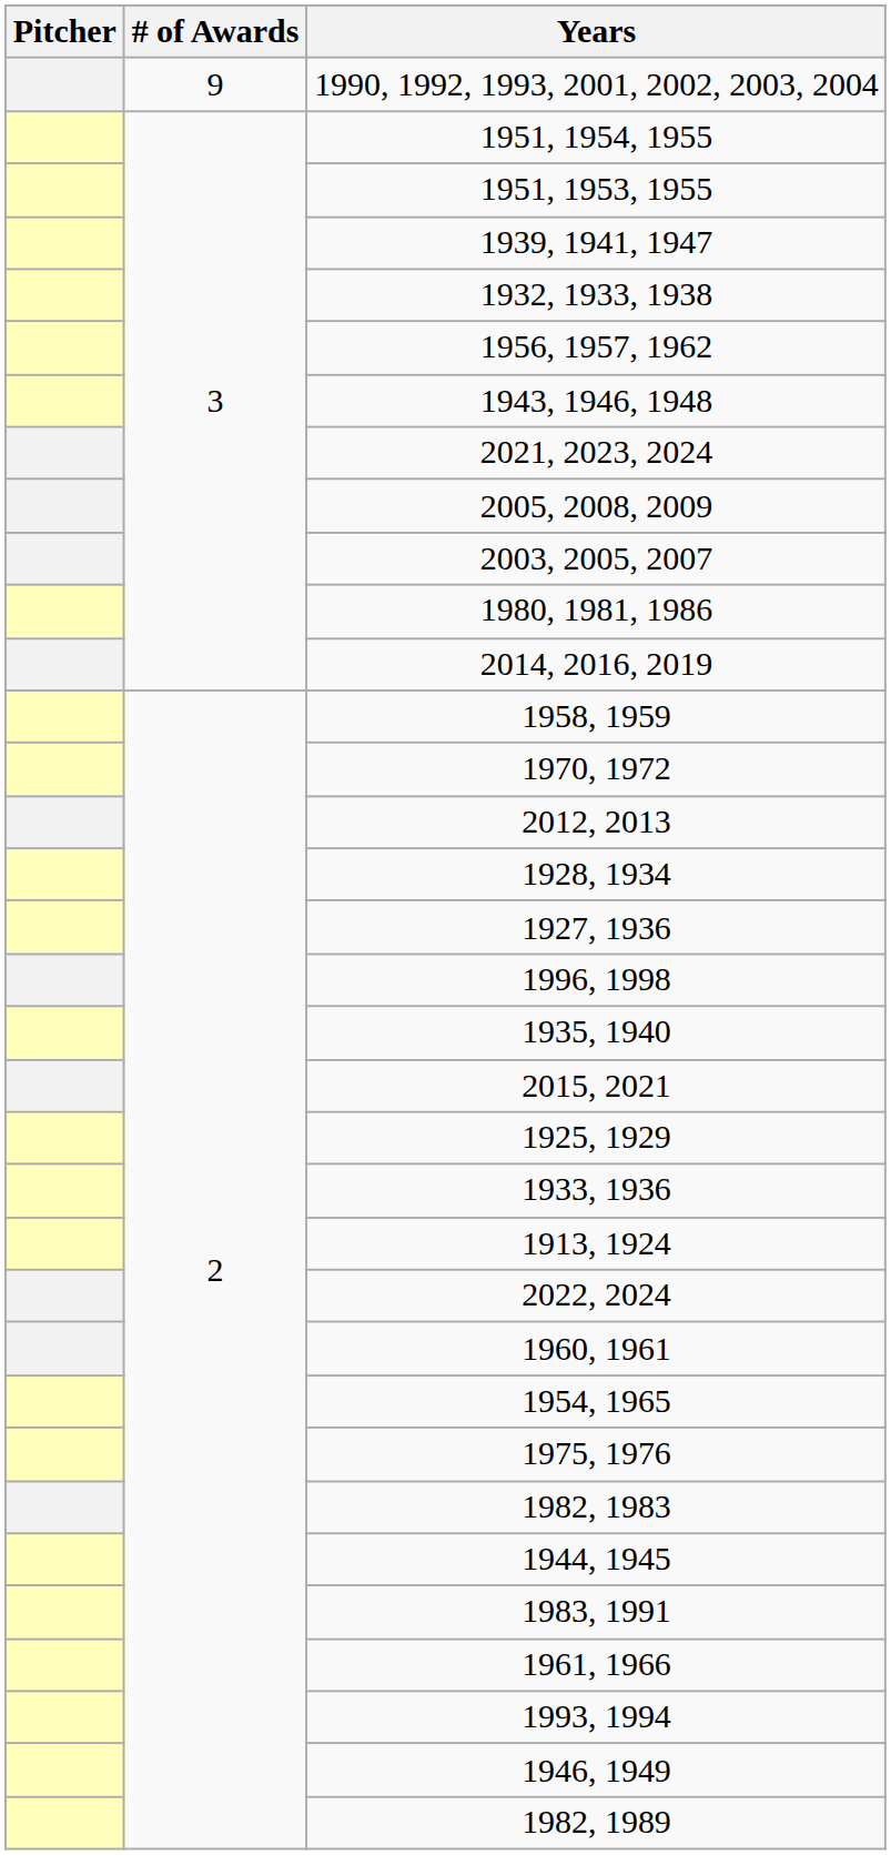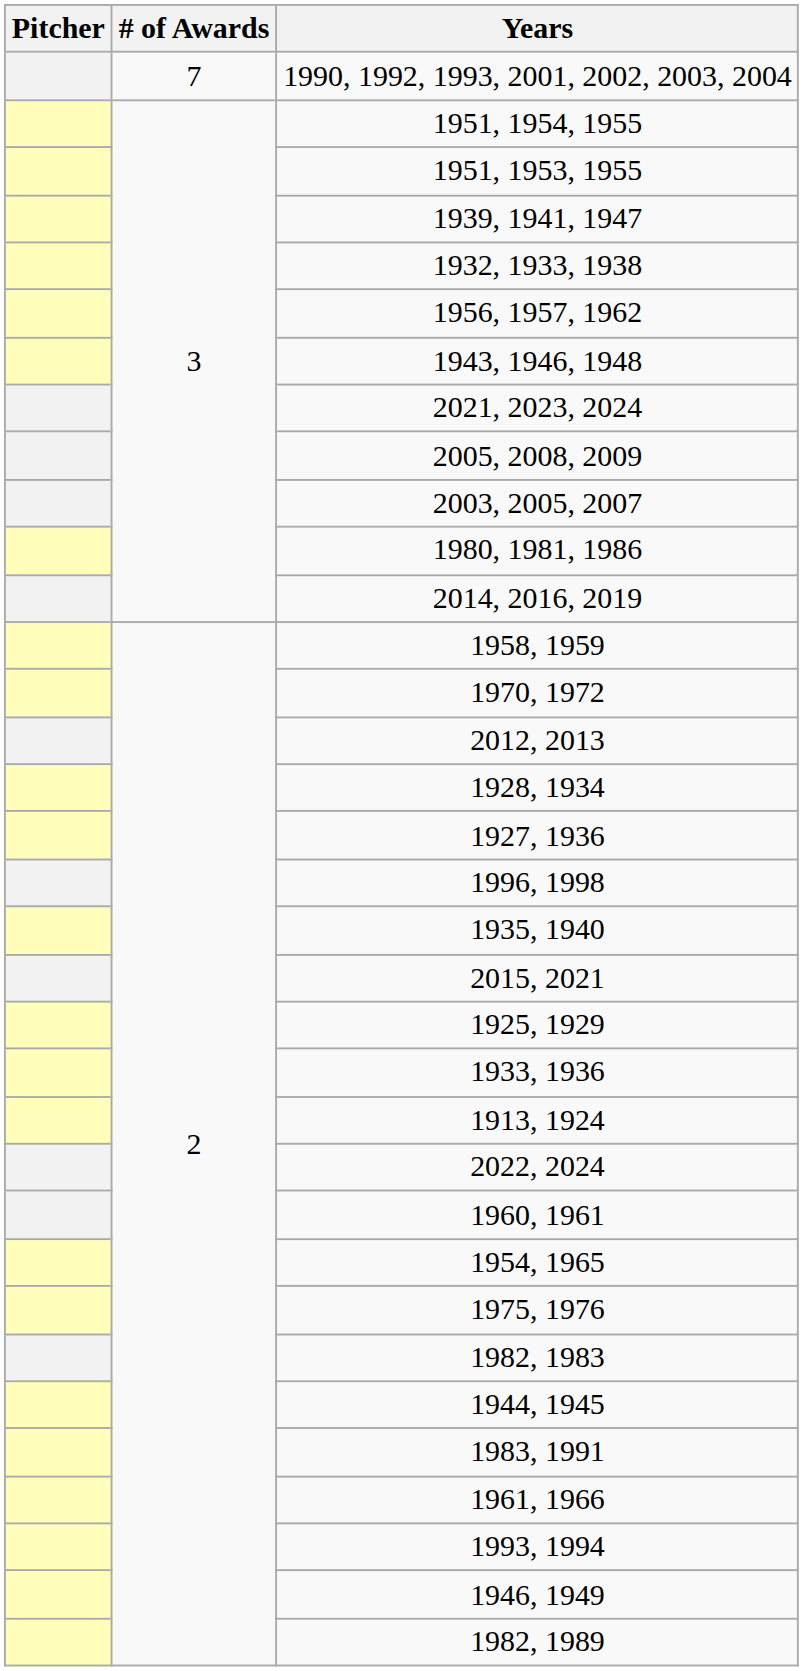 <table class="wikitable sortable plainrowheaders" style="text-align:center">
 <tr>
 <th>Pitcher</th>
 <th># of Awards</th>
 <th>Years</th>
 </tr>
 <tr>
 <th scope="row" style="text-align:center"></th>
-<td>9</td>
+<td>7</td>
 <td>1990, 1992, 1993, 2001, 2002, 2003, 2004</td>
 </tr>
 <tr>
 <th scope="row" style="text-align:center; background:#ffb;"> </th>
 <td rowspan=11 style="text-align:center;">3</td>
 <td>1951, 1954, 1955</td>
 </tr>
 <tr>
 <th scope="row" style="text-align:center; background:#ffb;"> </th>
 <td>1951, 1953, 1955</td>
 </tr>
 <tr>
 <th scope="row" style="text-align:center; background:#ffb;"> </th>
 <td>1939, 1941, 1947</td>
 </tr>
 <tr>
 <th scope="row" style="text-align:center; background:#ffb;"> </th>
 <td>1932, 1933, 1938</td>
 </tr>
 <tr>
 <th scope="row" style="text-align:center; background:#ffb;"> </th>
 <td>1956, 1957, 1962</td>
 </tr>
 <tr>
 <th scope="row" style="text-align:center; background:#ffb;"> </th>
 <td>1943, 1946, 1948</td>
 </tr>
 <tr>
 <th scope="row" style="text-align:center"></th>
 <td>2021, 2023, 2024</td>
 </tr>
 <tr>
 <th scope="row" style="text-align:center"></th>
 <td>2005, 2008, 2009</td>
 </tr>
 <tr>
 <th scope="row" style="text-align:center"></th>
 <td>2003, 2005, 2007</td>
 </tr>
 <tr>
 <th scope="row" style="text-align:center; background:#ffb;"> </th>
 <td>1980, 1981, 1986</td>
 </tr>
 <tr>
 <th scope="row" style="text-align:center"></th>
 <td>2014, 2016, 2019</td>
 </tr>
 <tr>
 <th scope="row" style="text-align:center; background:#ffb;"> </th>
 <td rowspan=22 style="text-align:center;">2</td>
 <td>1958, 1959</td>
 </tr>
 <tr>
 <th scope="row" style="text-align:center; background:#ffb;"> </th>
 <td>1970, 1972</td>
 </tr>
 <tr>
 <th scope="row" style="text-align:center"></th>
 <td>2012, 2013</td>
 </tr>
 <tr>
 <th scope="row" style="text-align:center; background:#ffb;"> </th>
 <td>1928, 1934</td>
 </tr>
 <tr>
 <th scope="row" style="text-align:center; background:#ffb;"> </th>
 <td>1927, 1936</td>
 </tr>
 <tr>
 <th scope="row" style="text-align:center"></th>
 <td>1996, 1998</td>
 </tr>
 <tr>
 <th scope="row" style="text-align:center; background:#ffb;"> </th>
 <td>1935, 1940</td>
 </tr>
 <tr>
 <th scope="row" style="text-align:center"></th>
 <td>2015, 2021</td>
 </tr>
 <tr>
 <th scope="row" style="text-align:center; background:#ffb;"> </th>
 <td>1925, 1929</td>
 </tr>
 <tr>
 <th scope="row" style="text-align:center; background:#ffb;"> </th>
 <td>1933, 1936</td>
 </tr>
 <tr>
 <th scope="row" style="text-align:center; background:#ffb;"> </th>
 <td>1913, 1924</td>
 </tr>
 <tr>
 <th scope="row" style="text-align:center"></th>
 <td>2022, 2024</td>
 </tr>
 <tr>
 <th scope="row" style="text-align:center"></th>
 <td>1960, 1961</td>
 </tr>
 <tr>
 <th scope="row" style="text-align:center; background:#ffb;"> </th>
 <td>1954, 1965</td>
 </tr>
 <tr>
 <th scope="row" style="text-align:center; background:#ffb;"> </th>
 <td>1975, 1976</td>
 </tr>
 <tr>
 <th scope="row" style="text-align:center"></th>
 <td>1982, 1983</td>
 </tr>
 <tr>
 <th scope="row" style="text-align:center; background:#ffb;"> </th>
 <td>1944, 1945</td>
 </tr>
 <tr>
 <th scope="row" style="text-align:center; background:#ffb;"> </th>
 <td>1983, 1991</td>
 </tr>
 <tr>
 <th scope="row" style="text-align:center; background:#ffb;"> </th>
 <td>1961, 1966</td>
 </tr>
 <tr>
 <th scope="row" style="text-align:center; background:#ffb;"> </th>
 <td>1993, 1994</td>
 </tr>
 <tr>
 <th scope="row" style="text-align:center; background:#ffb;"> </th>
 <td>1946, 1949</td>
 </tr>
 <tr>
 <th scope="row" style="text-align:center; background:#ffb;"> </th>
 <td>1982, 1989</td>
 </tr>
 </table>
